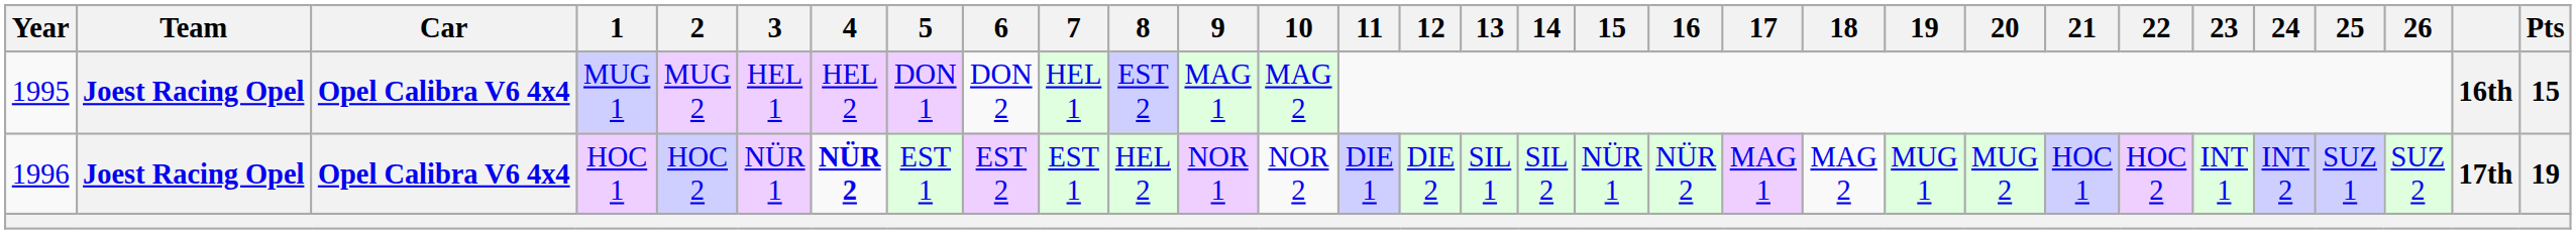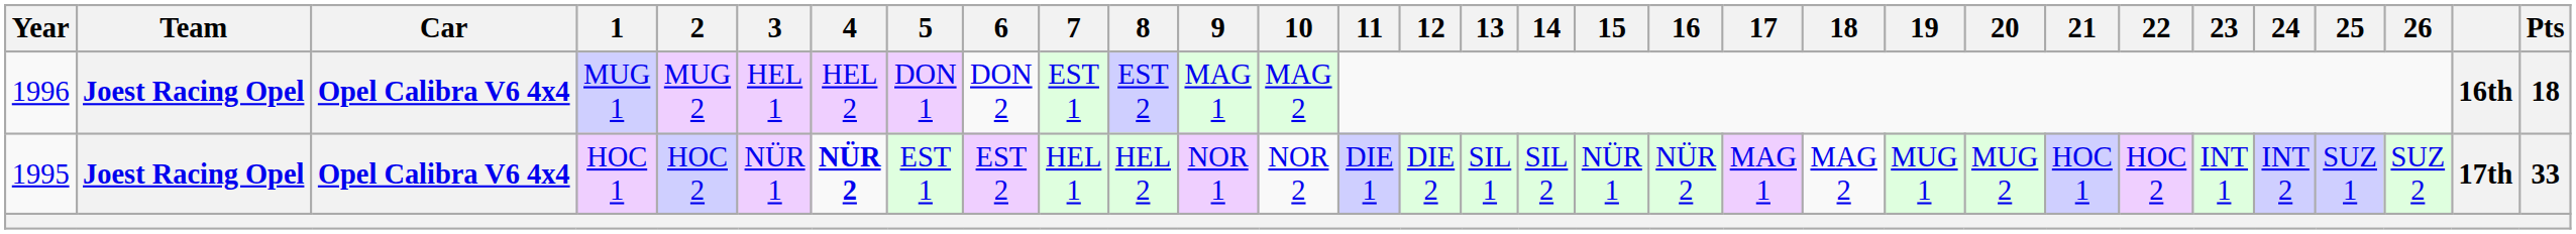 <table class="wikitable" border="1" style="text-align:center; font-size:85%;">
 <tr>
 <th>Year</th>
 <th>Team</th>
 <th>Car</th>
 <th>1</th>
 <th>2</th>
 <th>3</th>
 <th>4</th>
 <th>5</th>
 <th>6</th>
 <th>7</th>
 <th>8</th>
 <th>9</th>
 <th>10</th>
 <th>11</th>
 <th>12</th>
 <th>13</th>
 <th>14</th>
 <th>15</th>
 <th>16</th>
 <th>17</th>
 <th>18</th>
 <th>19</th>
 <th>20</th>
 <th>21</th>
 <th>22</th>
 <th>23</th>
 <th>24</th>
 <th>25</th>
 <th>26</th>
 <th></th>
 <th>Pts</th>
 </tr>
 <tr>
-<td><a href='#'>1995</a></td>
+<td><a href='#'>1996</a></td>
 <th nowrap><a href='#'>Joest Racing Opel</a></th>
 <th nowrap><a href='#'>Opel Calibra V6 4x4</a></th>
 <td style="background:#CFCFFF;"><a href='#'>MUG<br>1</a><br></td>
 <td style="background:#EFCFFF;"><a href='#'>MUG<br>2</a><br></td>
 <td style="background:#EFCFFF;"><a href='#'>HEL<br>1</a><br></td>
 <td style="background:#EFCFFF;"><a href='#'>HEL<br>2</a><br></td>
 <td style="background:#EFCFFF;"><a href='#'>DON<br>1</a><br></td>
 <td style="background"><a href='#'>DON<br>2</a><br></td>
-<td style="background:#DFFFDF;"><a href='#'>HEL<br>1</a><br></td>
+<td style="background:#DFFFDF;"><a href='#'>EST<br>1</a><br></td>
 <td style="background:#CFCFFF;"><a href='#'>EST<br>2</a><br></td>
 <td style="background:#DFFFDF;"><a href='#'>MAG<br>1</a><br></td>
 <td style="background:#DFFFDF;"><a href='#'>MAG<br>2</a><br></td>
 <td colspan=16></td>
 <th>16th</th>
-<th>15</th>
+<th>18</th>
 </tr>
 <tr>
-<td><a href='#'>1996</a></td>
+<td><a href='#'>1995</a></td>
 <th nowrap><a href='#'>Joest Racing Opel</a></th>
 <th nowrap><a href='#'>Opel Calibra V6 4x4</a></th>
 <td style="background:#EFCFFF;"><a href='#'>HOC<br>1</a><br></td>
 <td style="background:#CFCFFF;"><a href='#'>HOC<br>2</a><br></td>
 <td style="background:#EFCFFF;"><a href='#'>NÜR<br>1</a><br></td>
 <td><strong><a href='#'>NÜR<br>2</a><br></strong></td>
 <td style="background:#DFFFDF;"><a href='#'>EST<br>1</a><br></td>
 <td style="background:#EFCFFF;"><a href='#'>EST<br>2</a><br></td>
-<td style="background:#DFFFDF;"><a href='#'>EST<br>1</a><br></td>
+<td style="background:#DFFFDF;"><a href='#'>HEL<br>1</a><br></td>
 <td style="background:#DFFFDF;"><a href='#'>HEL<br>2</a><br></td>
 <td style="background:#EFCFFF;"><a href='#'>NOR<br>1</a><br></td>
 <td><a href='#'>NOR<br>2</a><br></td>
 <td style="background:#CFCFFF;"><a href='#'>DIE<br>1</a><br></td>
 <td style="background:#DFFFDF;"><a href='#'>DIE<br>2</a><br></td>
 <td style="background:#DFFFDF;"><a href='#'>SIL<br>1</a><br></td>
 <td style="background:#DFFFDF;"><a href='#'>SIL<br>2</a><br></td>
 <td style="background:#DFFFDF;"><a href='#'>NÜR<br>1</a><br></td>
 <td style="background:#DFFFDF;"><a href='#'>NÜR<br>2</a><br></td>
 <td style="background:#EFCFFF;"><a href='#'>MAG<br>1</a><br></td>
 <td><a href='#'>MAG<br>2</a><br></td>
 <td style="background:#DFFFDF;"><a href='#'>MUG<br>1</a><br></td>
 <td style="background:#DFFFDF;"><a href='#'>MUG<br>2</a><br></td>
 <td style="background:#CFCFFF;"><a href='#'>HOC<br>1</a><br></td>
 <td style="background:#EFCFFF;"><a href='#'>HOC<br>2</a><br></td>
 <td style="background:#DFFFDF;"><a href='#'>INT<br>1</a><br></td>
 <td style="background:#CFCFFF;"><a href='#'>INT<br>2</a><br></td>
 <td style="background:#CFCFFF;"><a href='#'>SUZ<br>1</a><br></td>
 <td style="background:#DFFFDF;"><a href='#'>SUZ<br>2</a><br></td>
 <th>17th</th>
-<th>19</th>
+<th>33</th>
 </tr>
 <tr>
 <th colspan="31"></th>
 </tr>
 </table>
